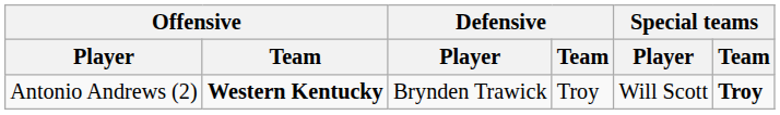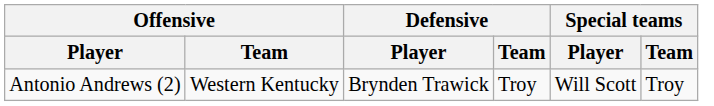 <table class="wikitable">
 <tr>
 <th colspan="2">Offensive</th>
 <th colspan="2">Defensive</th>
 <th colspan="2">Special teams</th>
 </tr>
 <tr>
 <th>Player</th>
 <th>Team</th>
 <th>Player</th>
 <th>Team</th>
 <th>Player</th>
 <th>Team</th>
 </tr>
 <tr>
 <td>Antonio Andrews (2)</td>
-<td><strong>Western Kentucky</strong></td>
+<td>Western Kentucky</td>
 <td>Brynden Trawick</td>
 <td>Troy</td>
 <td>Will Scott</td>
-<td><strong>Troy</strong></td>
+<td>Troy</td>
 </tr>
 </table>
